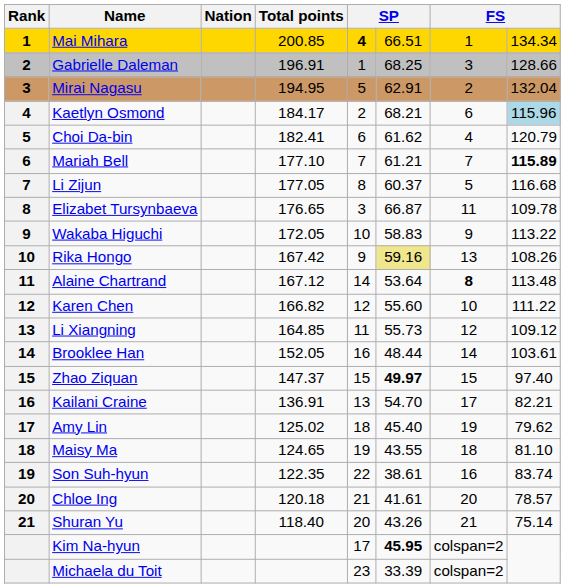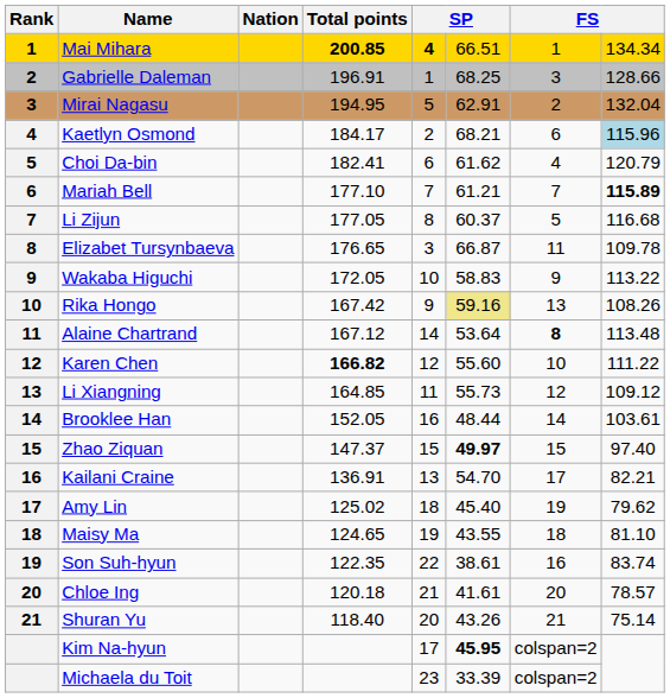 <table class="wikitable sortable">
 <tr>
 <th>Rank</th>
 <th>Name</th>
 <th>Nation</th>
 <th>Total points</th>
 <th colspan="2" width="80px"><a href='#'>SP</a></th>
 <th colspan="2" width="80px"><a href='#'>FS</a></th>
 </tr>
 <tr bgcolor="gold">
 <td align="center"><strong>1</strong></td>
 <td><a href='#'>Mai Mihara</a></td>
 <td></td>
-<td align="center">200.85</td>
+<td align="center"><strong>200.85</strong></td>
 <td align="center"><strong>4</strong></td>
 <td align="center">66.51</td>
 <td align="center">1</td>
 <td align="center">134.34</td>
 </tr>
 <tr bgcolor="silver">
 <td align="center"><strong>2</strong></td>
 <td><a href='#'>Gabrielle Daleman</a></td>
 <td></td>
 <td align="center">196.91</td>
 <td align="center">1</td>
 <td align="center">68.25</td>
 <td align="center">3</td>
 <td align="center">128.66</td>
 </tr>
 <tr bgcolor="#cc9966">
 <td align="center"><strong>3</strong></td>
 <td><a href='#'>Mirai Nagasu</a></td>
 <td></td>
 <td align="center">194.95</td>
 <td align="center">5</td>
 <td align="center">62.91</td>
 <td align="center">2</td>
 <td align="center">132.04</td>
 </tr>
 <tr>
 <th>4</th>
 <td><a href='#'>Kaetlyn Osmond</a></td>
 <td></td>
 <td align="center">184.17</td>
 <td align="center">2</td>
 <td align="center">68.21</td>
 <td align="center">6</td>
 <td align="center" style="background: lightblue;">115.96</td>
 </tr>
 <tr>
 <th>5</th>
 <td><a href='#'>Choi Da-bin</a></td>
 <td></td>
 <td align="center">182.41</td>
 <td align="center">6</td>
 <td align="center">61.62</td>
 <td align="center">4</td>
 <td align="center">120.79</td>
 </tr>
 <tr>
 <th>6</th>
 <td><a href='#'>Mariah Bell</a></td>
 <td></td>
 <td align="center">177.10</td>
 <td align="center">7</td>
 <td align="center">61.21</td>
 <td align="center">7</td>
 <td align="center"><strong>115.89</strong></td>
 </tr>
 <tr>
 <th>7</th>
 <td><a href='#'>Li Zijun</a></td>
 <td></td>
 <td align="center">177.05</td>
 <td align="center">8</td>
 <td align="center">60.37</td>
 <td align="center">5</td>
 <td align="center">116.68</td>
 </tr>
 <tr>
 <th>8</th>
 <td><a href='#'>Elizabet Tursynbaeva</a></td>
 <td></td>
 <td align="center">176.65</td>
 <td align="center">3</td>
 <td align="center">66.87</td>
 <td align="center">11</td>
 <td align="center">109.78</td>
 </tr>
 <tr>
 <th>9</th>
 <td><a href='#'>Wakaba Higuchi</a></td>
 <td></td>
 <td align="center">172.05</td>
 <td align="center">10</td>
 <td align="center">58.83</td>
 <td align="center">9</td>
 <td align="center">113.22</td>
 </tr>
 <tr>
 <th>10</th>
 <td><a href='#'>Rika Hongo</a></td>
 <td></td>
 <td align="center">167.42</td>
 <td align="center">9</td>
 <td align="center" style="background: khaki;">59.16</td>
 <td align="center">13</td>
 <td align="center">108.26</td>
 </tr>
 <tr>
 <th>11</th>
 <td><a href='#'>Alaine Chartrand</a></td>
 <td></td>
 <td align="center">167.12</td>
 <td align="center">14</td>
 <td align="center">53.64</td>
 <td align="center"><strong>8</strong></td>
 <td align="center">113.48</td>
 </tr>
 <tr>
 <th>12</th>
 <td><a href='#'>Karen Chen</a></td>
 <td></td>
-<td align="center">166.82</td>
+<td align="center"><strong>166.82</strong></td>
 <td align="center">12</td>
 <td align="center">55.60</td>
 <td align="center">10</td>
 <td align="center">111.22</td>
 </tr>
 <tr>
 <th>13</th>
 <td><a href='#'>Li Xiangning</a></td>
 <td></td>
 <td align="center">164.85</td>
 <td align="center">11</td>
 <td align="center">55.73</td>
 <td align="center">12</td>
 <td align="center">109.12</td>
 </tr>
 <tr>
 <th>14</th>
 <td><a href='#'>Brooklee Han</a></td>
 <td></td>
 <td align="center">152.05</td>
 <td align="center">16</td>
 <td align="center">48.44</td>
 <td align="center">14</td>
 <td align="center">103.61</td>
 </tr>
 <tr>
 <th>15</th>
 <td><a href='#'>Zhao Ziquan</a></td>
 <td></td>
 <td align="center">147.37</td>
 <td align="center">15</td>
 <td align="center"><strong>49.97</strong></td>
 <td align="center">15</td>
 <td align="center">97.40</td>
 </tr>
 <tr>
 <th>16</th>
 <td><a href='#'>Kailani Craine</a></td>
 <td></td>
 <td align="center">136.91</td>
 <td align="center">13</td>
 <td align="center">54.70</td>
 <td align="center">17</td>
 <td align="center">82.21</td>
 </tr>
 <tr>
 <th>17</th>
 <td><a href='#'>Amy Lin</a></td>
 <td></td>
 <td align="center">125.02</td>
 <td align="center">18</td>
 <td align="center">45.40</td>
 <td align="center">19</td>
 <td align="center">79.62</td>
 </tr>
 <tr>
 <th>18</th>
 <td><a href='#'>Maisy Ma</a></td>
 <td></td>
 <td align="center">124.65</td>
 <td align="center">19</td>
 <td align="center">43.55</td>
 <td align="center">18</td>
 <td align="center">81.10</td>
 </tr>
 <tr>
 <th>19</th>
 <td><a href='#'>Son Suh-hyun</a></td>
 <td></td>
 <td align="center">122.35</td>
 <td align="center">22</td>
 <td align="center">38.61</td>
 <td align="center">16</td>
 <td align="center">83.74</td>
 </tr>
 <tr>
 <th>20</th>
 <td><a href='#'>Chloe Ing</a></td>
 <td></td>
 <td align="center">120.18</td>
 <td align="center">21</td>
 <td align="center">41.61</td>
 <td align="center">20</td>
 <td align="center">78.57</td>
 </tr>
 <tr>
 <th>21</th>
 <td><a href='#'>Shuran Yu</a></td>
 <td></td>
 <td align="center">118.40</td>
 <td align="center">20</td>
 <td align="center">43.26</td>
 <td align="center">21</td>
 <td align="center">75.14</td>
 </tr>
 <tr>
 <th></th>
 <td><a href='#'>Kim Na-hyun</a></td>
 <td></td>
 <td></td>
 <td align="center">17</td>
 <td align="center"><strong>45.95</strong></td>
 <td>colspan=2 </td>
 </tr>
 <tr>
 <th></th>
 <td><a href='#'>Michaela du Toit</a></td>
 <td></td>
 <td></td>
 <td align="center">23</td>
 <td align="center">33.39</td>
 <td>colspan=2 </td>
 </tr>
 </table>
